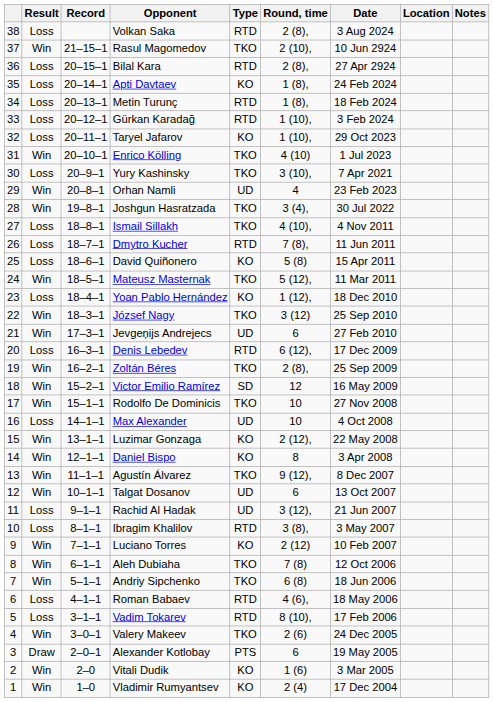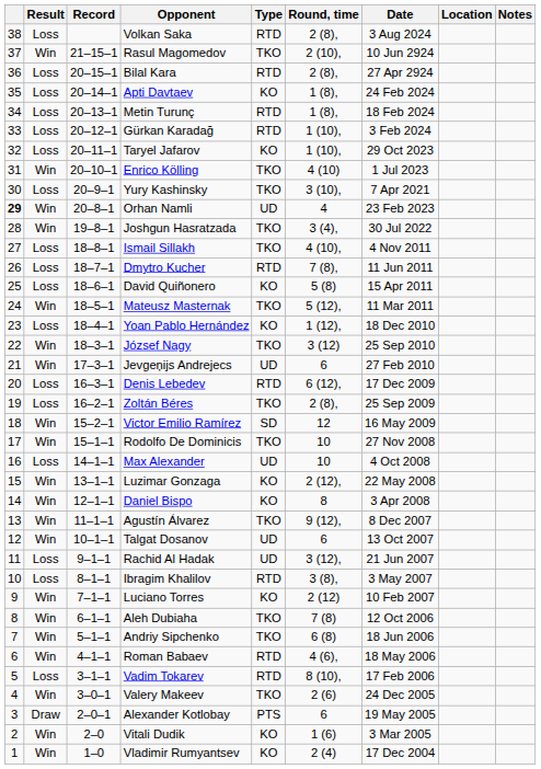 <table class="wikitable" style="text-align:center">
 <tr>
 <th></th>
 <th>Result</th>
 <th>Record</th>
 <th>Opponent</th>
 <th>Type</th>
 <th>Round, time</th>
 <th>Date</th>
 <th>Location</th>
 <th>Notes</th>
 </tr>
 <tr>
 <td>38</td>
 <td>Loss</td>
 <td></td>
 <td style="text-align:left;">Volkan Saka</td>
 <td>RTD</td>
 <td>2 (8), </td>
 <td>3 Aug 2024</td>
 <td style="text-align:left"></td>
 <td></td>
 </tr>
 <tr>
 <td>37</td>
 <td>Win</td>
 <td>21–15–1</td>
 <td style="text-align:left;">Rasul Magomedov</td>
 <td>TKO</td>
 <td>2 (10), </td>
 <td>10 Jun 2924</td>
 <td style="text-align:left"></td>
 <td></td>
 </tr>
 <tr>
 <td>36</td>
 <td>Loss</td>
 <td>20–15–1</td>
 <td style="text-align:left;">Bilal Kara</td>
 <td>RTD</td>
 <td>2 (8), </td>
 <td>27 Apr 2924</td>
 <td style="text-align:left"></td>
 <td></td>
 </tr>
 <tr>
 <td>35</td>
 <td>Loss</td>
 <td>20–14–1</td>
 <td style="text-align:left;"><a href='#'>Apti Davtaev</a></td>
 <td>KO</td>
 <td>1 (8), </td>
 <td>24 Feb 2024</td>
 <td style="text-align:left"></td>
 <td></td>
 </tr>
 <tr>
 <td>34</td>
 <td>Loss</td>
 <td>20–13–1</td>
 <td style="text-align:left;">Metin Turunç</td>
 <td>RTD</td>
 <td>1 (8), </td>
 <td>18 Feb 2024</td>
 <td style="text-align:left"></td>
 <td></td>
 </tr>
 <tr>
 <td>33</td>
 <td>Loss</td>
 <td>20–12–1</td>
 <td style="text-align:left;">Gürkan Karadağ</td>
 <td>RTD</td>
 <td>1 (10), </td>
 <td>3 Feb 2024</td>
 <td style="text-align:left"></td>
 <td></td>
 </tr>
 <tr>
 <td>32</td>
 <td>Loss</td>
 <td>20–11–1</td>
 <td style="text-align:left;">Taryel Jafarov</td>
 <td>KO</td>
 <td>1 (10), </td>
 <td>29 Oct 2023</td>
 <td style="text-align:left"></td>
 <td style="text-align:left"></td>
 </tr>
 <tr>
 <td>31</td>
 <td>Win</td>
 <td>20–10–1</td>
 <td style="text-align:left;"><a href='#'>Enrico Kölling</a></td>
 <td>TKO</td>
 <td>4 (10)</td>
 <td>1 Jul 2023</td>
 <td style="text-align:left"></td>
 <td style="text-align:left"></td>
 </tr>
 <tr>
 <td>30</td>
 <td>Loss</td>
 <td>20–9–1</td>
 <td style="text-align:left;">Yury Kashinsky</td>
 <td>TKO</td>
 <td>3 (10), </td>
 <td>7 Apr 2021</td>
 <td style="text-align:left"></td>
 <td></td>
 </tr>
 <tr>
-<td>29</td>
+<td><strong>29</strong></td>
 <td>Win</td>
 <td>20–8–1</td>
 <td style="text-align:left;">Orhan Namli</td>
 <td>UD</td>
 <td>4</td>
 <td>23 Feb 2023</td>
 <td style="text-align:left"></td>
 <td></td>
 </tr>
 <tr>
 <td>28</td>
 <td>Win</td>
 <td>19–8–1</td>
 <td style="text-align:left;">Joshgun Hasratzada</td>
 <td>TKO</td>
 <td>3 (4), </td>
 <td>30 Jul 2022</td>
 <td style="text-align:left"></td>
 <td></td>
 </tr>
 <tr>
 <td>27</td>
 <td>Loss</td>
 <td>18–8–1</td>
 <td style="text-align:left;"><a href='#'>Ismail Sillakh</a></td>
 <td>TKO</td>
 <td>4 (10), </td>
 <td>4 Nov 2011</td>
 <td style="text-align:left"></td>
 <td></td>
 </tr>
 <tr>
 <td>26</td>
 <td>Loss</td>
 <td>18–7–1</td>
 <td style="text-align:left;"><a href='#'>Dmytro Kucher</a></td>
 <td>RTD</td>
 <td>7 (8), </td>
 <td>11 Jun 2011</td>
 <td style="text-align:left"></td>
 <td></td>
 </tr>
 <tr>
 <td>25</td>
 <td>Loss</td>
 <td>18–6–1</td>
 <td style="text-align:left;">David Quiñonero</td>
 <td>KO</td>
 <td>5 (8)</td>
 <td>15 Apr 2011</td>
 <td style="text-align:left"></td>
 <td></td>
 </tr>
 <tr>
 <td>24</td>
 <td>Win</td>
 <td>18–5–1</td>
 <td style="text-align:left;"><a href='#'>Mateusz Masternak</a></td>
 <td>TKO</td>
 <td>5 (12), </td>
 <td>11 Mar 2011</td>
 <td style="text-align:left"></td>
 <td style="text-align:left"></td>
 </tr>
 <tr>
 <td>23</td>
 <td>Loss</td>
 <td>18–4–1</td>
 <td style="text-align:left;"><a href='#'>Yoan Pablo Hernández</a></td>
 <td>KO</td>
 <td>1 (12), </td>
 <td>18 Dec 2010</td>
 <td style="text-align:left"></td>
 <td></td>
 </tr>
 <tr>
 <td>22</td>
 <td>Win</td>
 <td>18–3–1</td>
 <td style="text-align:left;"><a href='#'>József Nagy</a></td>
 <td>TKO</td>
 <td>3 (12)</td>
 <td>25 Sep 2010</td>
 <td style="text-align:left"></td>
 <td style="text-align:left"></td>
 </tr>
 <tr>
 <td>21</td>
 <td>Win</td>
 <td>17–3–1</td>
 <td style="text-align:left;">Jevgeņijs Andrejecs</td>
 <td>UD</td>
 <td>6</td>
 <td>27 Feb 2010</td>
 <td style="text-align:left"></td>
 <td></td>
 </tr>
 <tr>
 <td>20</td>
 <td>Loss</td>
 <td>16–3–1</td>
 <td style="text-align:left;"><a href='#'>Denis Lebedev</a></td>
 <td>RTD</td>
 <td>6 (12), </td>
 <td>17 Dec 2009</td>
 <td style="text-align:left"></td>
 <td style="text-align:left"></td>
 </tr>
 <tr>
 <td>19</td>
-<td>Win</td>
+<td>Loss</td>
 <td>16–2–1</td>
 <td style="text-align:left;"><a href='#'>Zoltán Béres</a></td>
 <td>TKO</td>
 <td>2 (8), </td>
 <td>25 Sep 2009</td>
 <td style="text-align:left"></td>
 <td></td>
 </tr>
 <tr>
 <td>18</td>
 <td>Win</td>
 <td>15–2–1</td>
 <td style="text-align:left;"><a href='#'>Victor Emilio Ramírez</a></td>
 <td>SD</td>
 <td>12</td>
 <td>16 May 2009</td>
 <td style="text-align:left"></td>
 <td style="text-align:left"></td>
 </tr>
 <tr>
 <td>17</td>
 <td>Win</td>
 <td>15–1–1</td>
 <td style="text-align:left;">Rodolfo De Dominicis</td>
 <td>TKO</td>
 <td>10</td>
 <td>27 Nov 2008</td>
 <td style="text-align:left"></td>
 <td style="text-align:left"></td>
 </tr>
 <tr>
 <td>16</td>
 <td>Loss</td>
 <td>14–1–1</td>
 <td style="text-align:left;"><a href='#'>Max Alexander</a></td>
 <td>UD</td>
 <td>10</td>
 <td>4 Oct 2008</td>
 <td style="text-align:left"></td>
 <td></td>
 </tr>
 <tr>
 <td>15</td>
 <td>Win</td>
 <td>13–1–1</td>
 <td style="text-align:left;">Luzimar Gonzaga</td>
 <td>KO</td>
 <td>2 (12), </td>
 <td>22 May 2008</td>
 <td style="text-align:left"></td>
 <td style="text-align:left"></td>
 </tr>
 <tr>
 <td>14</td>
 <td>Win</td>
 <td>12–1–1</td>
 <td style="text-align:left;"><a href='#'>Daniel Bispo</a></td>
 <td>KO</td>
 <td>8</td>
 <td>3 Apr 2008</td>
 <td style="text-align:left"></td>
 <td></td>
 </tr>
 <tr>
 <td>13</td>
 <td>Win</td>
 <td>11–1–1</td>
 <td style="text-align:left;">Agustín Álvarez</td>
 <td>TKO</td>
 <td>9 (12), </td>
 <td>8 Dec 2007</td>
 <td style="text-align:left"></td>
 <td style="text-align:left"></td>
 </tr>
 <tr>
 <td>12</td>
 <td>Win</td>
 <td>10–1–1</td>
 <td style="text-align:left;">Talgat Dosanov</td>
 <td>UD</td>
 <td>6</td>
 <td>13 Oct 2007</td>
 <td style="text-align:left"></td>
 <td></td>
 </tr>
 <tr>
 <td>11</td>
 <td>Loss</td>
 <td>9–1–1</td>
 <td style="text-align:left;">Rachid Al Hadak</td>
 <td>UD</td>
 <td>3 (12), </td>
 <td>21 Jun 2007</td>
 <td style="text-align:left"></td>
 <td></td>
 </tr>
 <tr>
 <td>10</td>
 <td>Loss</td>
 <td>8–1–1</td>
 <td style="text-align:left;">Ibragim Khalilov</td>
 <td>RTD</td>
 <td>3 (8), </td>
 <td>3 May 2007</td>
 <td style="text-align:left"></td>
 <td></td>
 </tr>
 <tr>
 <td>9</td>
 <td>Win</td>
 <td>7–1–1</td>
 <td style="text-align:left;">Luciano Torres</td>
 <td>KO</td>
 <td>2 (12)</td>
 <td>10 Feb 2007</td>
 <td style="text-align:left"></td>
 <td style="text-align:left"></td>
 </tr>
 <tr>
 <td>8</td>
 <td>Win</td>
 <td>6–1–1</td>
 <td style="text-align:left;">Aleh Dubiaha</td>
 <td>TKO</td>
 <td>7 (8)</td>
 <td>12 Oct 2006</td>
 <td style="text-align:left"></td>
 <td></td>
 </tr>
 <tr>
 <td>7</td>
 <td>Win</td>
 <td>5–1–1</td>
 <td style="text-align:left;">Andriy Sipchenko</td>
 <td>TKO</td>
 <td>6 (8)</td>
 <td>18 Jun 2006</td>
 <td style="text-align:left"></td>
 <td></td>
 </tr>
 <tr>
 <td>6</td>
-<td>Loss</td>
+<td>Win</td>
 <td>4–1–1</td>
 <td style="text-align:left;">Roman Babaev</td>
 <td>RTD</td>
 <td>4 (6), </td>
 <td>18 May 2006</td>
 <td style="text-align:left"></td>
 <td></td>
 </tr>
 <tr>
 <td>5</td>
 <td>Loss</td>
 <td>3–1–1</td>
 <td style="text-align:left;"><a href='#'>Vadim Tokarev</a></td>
 <td>RTD</td>
 <td>8 (10), </td>
 <td>17 Feb 2006</td>
 <td style="text-align:left"></td>
 <td></td>
 </tr>
 <tr>
 <td>4</td>
 <td>Win</td>
 <td>3–0–1</td>
 <td style="text-align:left;">Valery Makeev</td>
 <td>TKO</td>
 <td>2 (6)</td>
 <td>24 Dec 2005</td>
 <td style="text-align:left"></td>
 <td></td>
 </tr>
 <tr>
 <td>3</td>
 <td>Draw</td>
 <td>2–0–1</td>
 <td style="text-align:left;">Alexander Kotlobay</td>
 <td>PTS</td>
 <td>6</td>
 <td>19 May 2005</td>
 <td style="text-align:left"></td>
 <td></td>
 </tr>
 <tr>
 <td>2</td>
 <td>Win</td>
 <td>2–0</td>
 <td style="text-align:left;">Vitali Dudik</td>
 <td>KO</td>
 <td>1 (6)</td>
 <td>3 Mar 2005</td>
 <td style="text-align:left"></td>
 <td></td>
 </tr>
 <tr>
 <td>1</td>
 <td>Win</td>
 <td>1–0</td>
 <td style="text-align:left;">Vladimir Rumyantsev</td>
 <td>KO</td>
 <td>2 (4)</td>
 <td>17 Dec 2004</td>
 <td style="text-align:left"></td>
 <td></td>
 </tr>
 </table>
